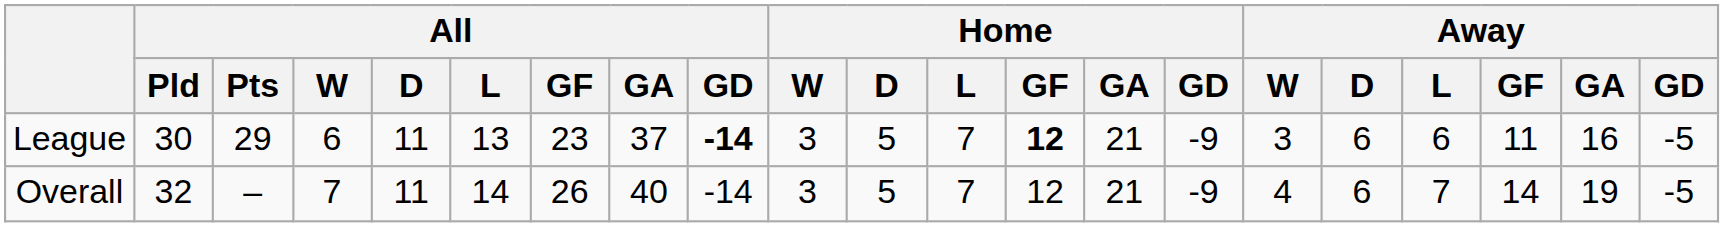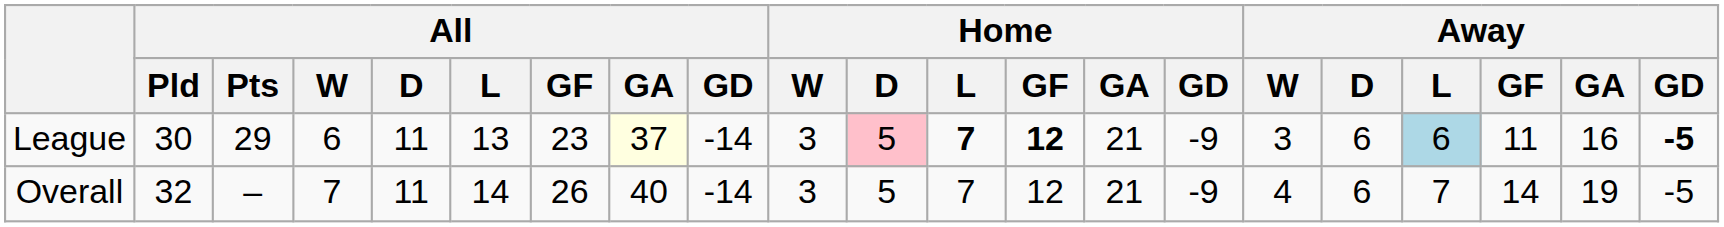 <table class="wikitable" style="text-align:center">
 <tr>
 <th rowspan=2></th>
 <th colspan=8>All</th>
 <th colspan=6>Home</th>
 <th colspan=6>Away</th>
 </tr>
 <tr>
 <th width=30>Pld</th>
 <th width=30>Pts</th>
 <th width=30>W</th>
 <th width=30>D</th>
 <th width=30>L</th>
 <th width=30>GF</th>
 <th width=30>GA</th>
 <th width=30>GD</th>
 <th width=30>W</th>
 <th width=30>D</th>
 <th width=30>L</th>
 <th width=30>GF</th>
 <th width=30>GA</th>
 <th width=30>GD</th>
 <th width=30>W</th>
 <th width=30>D</th>
 <th width=30>L</th>
 <th width=30>GF</th>
 <th width=30>GA</th>
 <th width=30>GD</th>
 </tr>
 <tr>
 <td>League</td>
 <td>30</td>
 <td>29</td>
 <td>6</td>
 <td>11</td>
 <td>13</td>
 <td>23</td>
-<td>37</td>
-<td><strong>-14</strong></td>
+<td style="background: lightyellow;">37</td>
+<td>-14</td>
 <td>3</td>
-<td>5</td>
-<td>7</td>
+<td style="background: pink;">5</td>
+<td><strong>7</strong></td>
 <td><strong>12</strong></td>
 <td>21</td>
 <td>-9</td>
 <td>3</td>
 <td>6</td>
-<td>6</td>
+<td style="background: lightblue;">6</td>
 <td>11</td>
 <td>16</td>
-<td>-5</td>
+<td><strong>-5</strong></td>
 </tr>
 <tr>
 <td>Overall</td>
 <td>32</td>
 <td>–</td>
 <td>7</td>
 <td>11</td>
 <td>14</td>
 <td>26</td>
 <td>40</td>
 <td>-14</td>
 <td>3</td>
 <td>5</td>
 <td>7</td>
 <td>12</td>
 <td>21</td>
 <td>-9</td>
 <td>4</td>
 <td>6</td>
 <td>7</td>
 <td>14</td>
 <td>19</td>
 <td>-5</td>
 </tr>
 </table>
